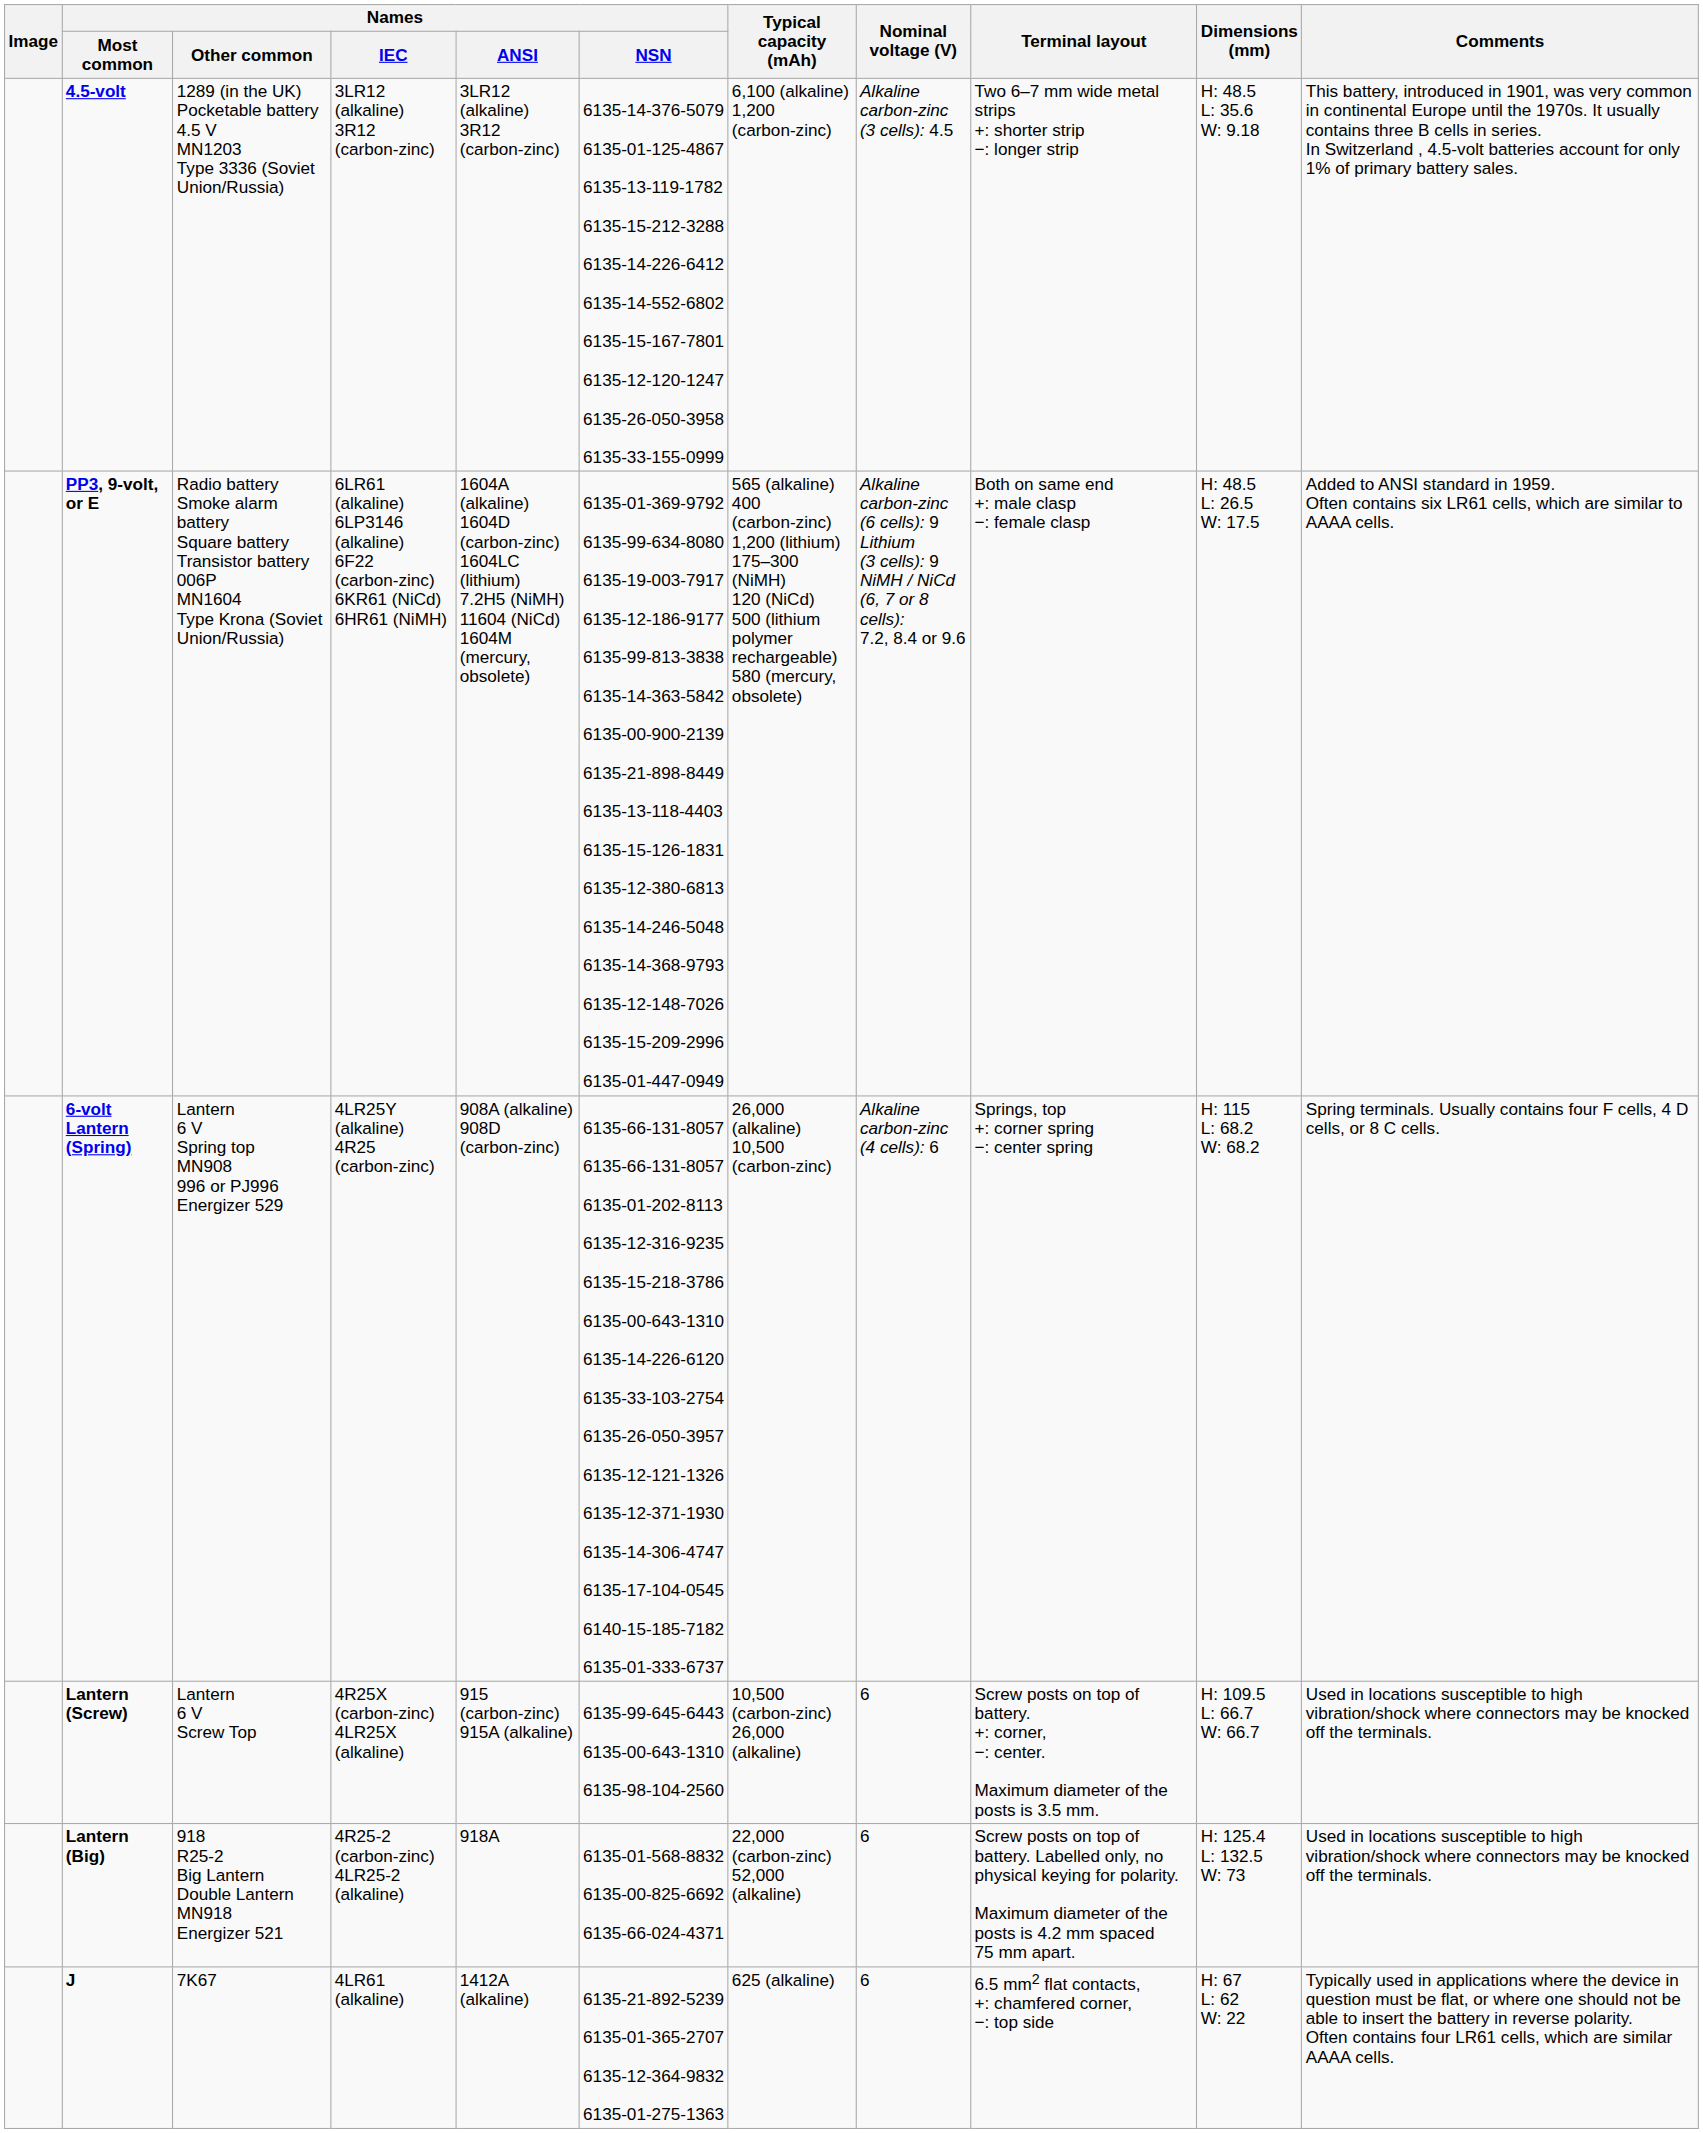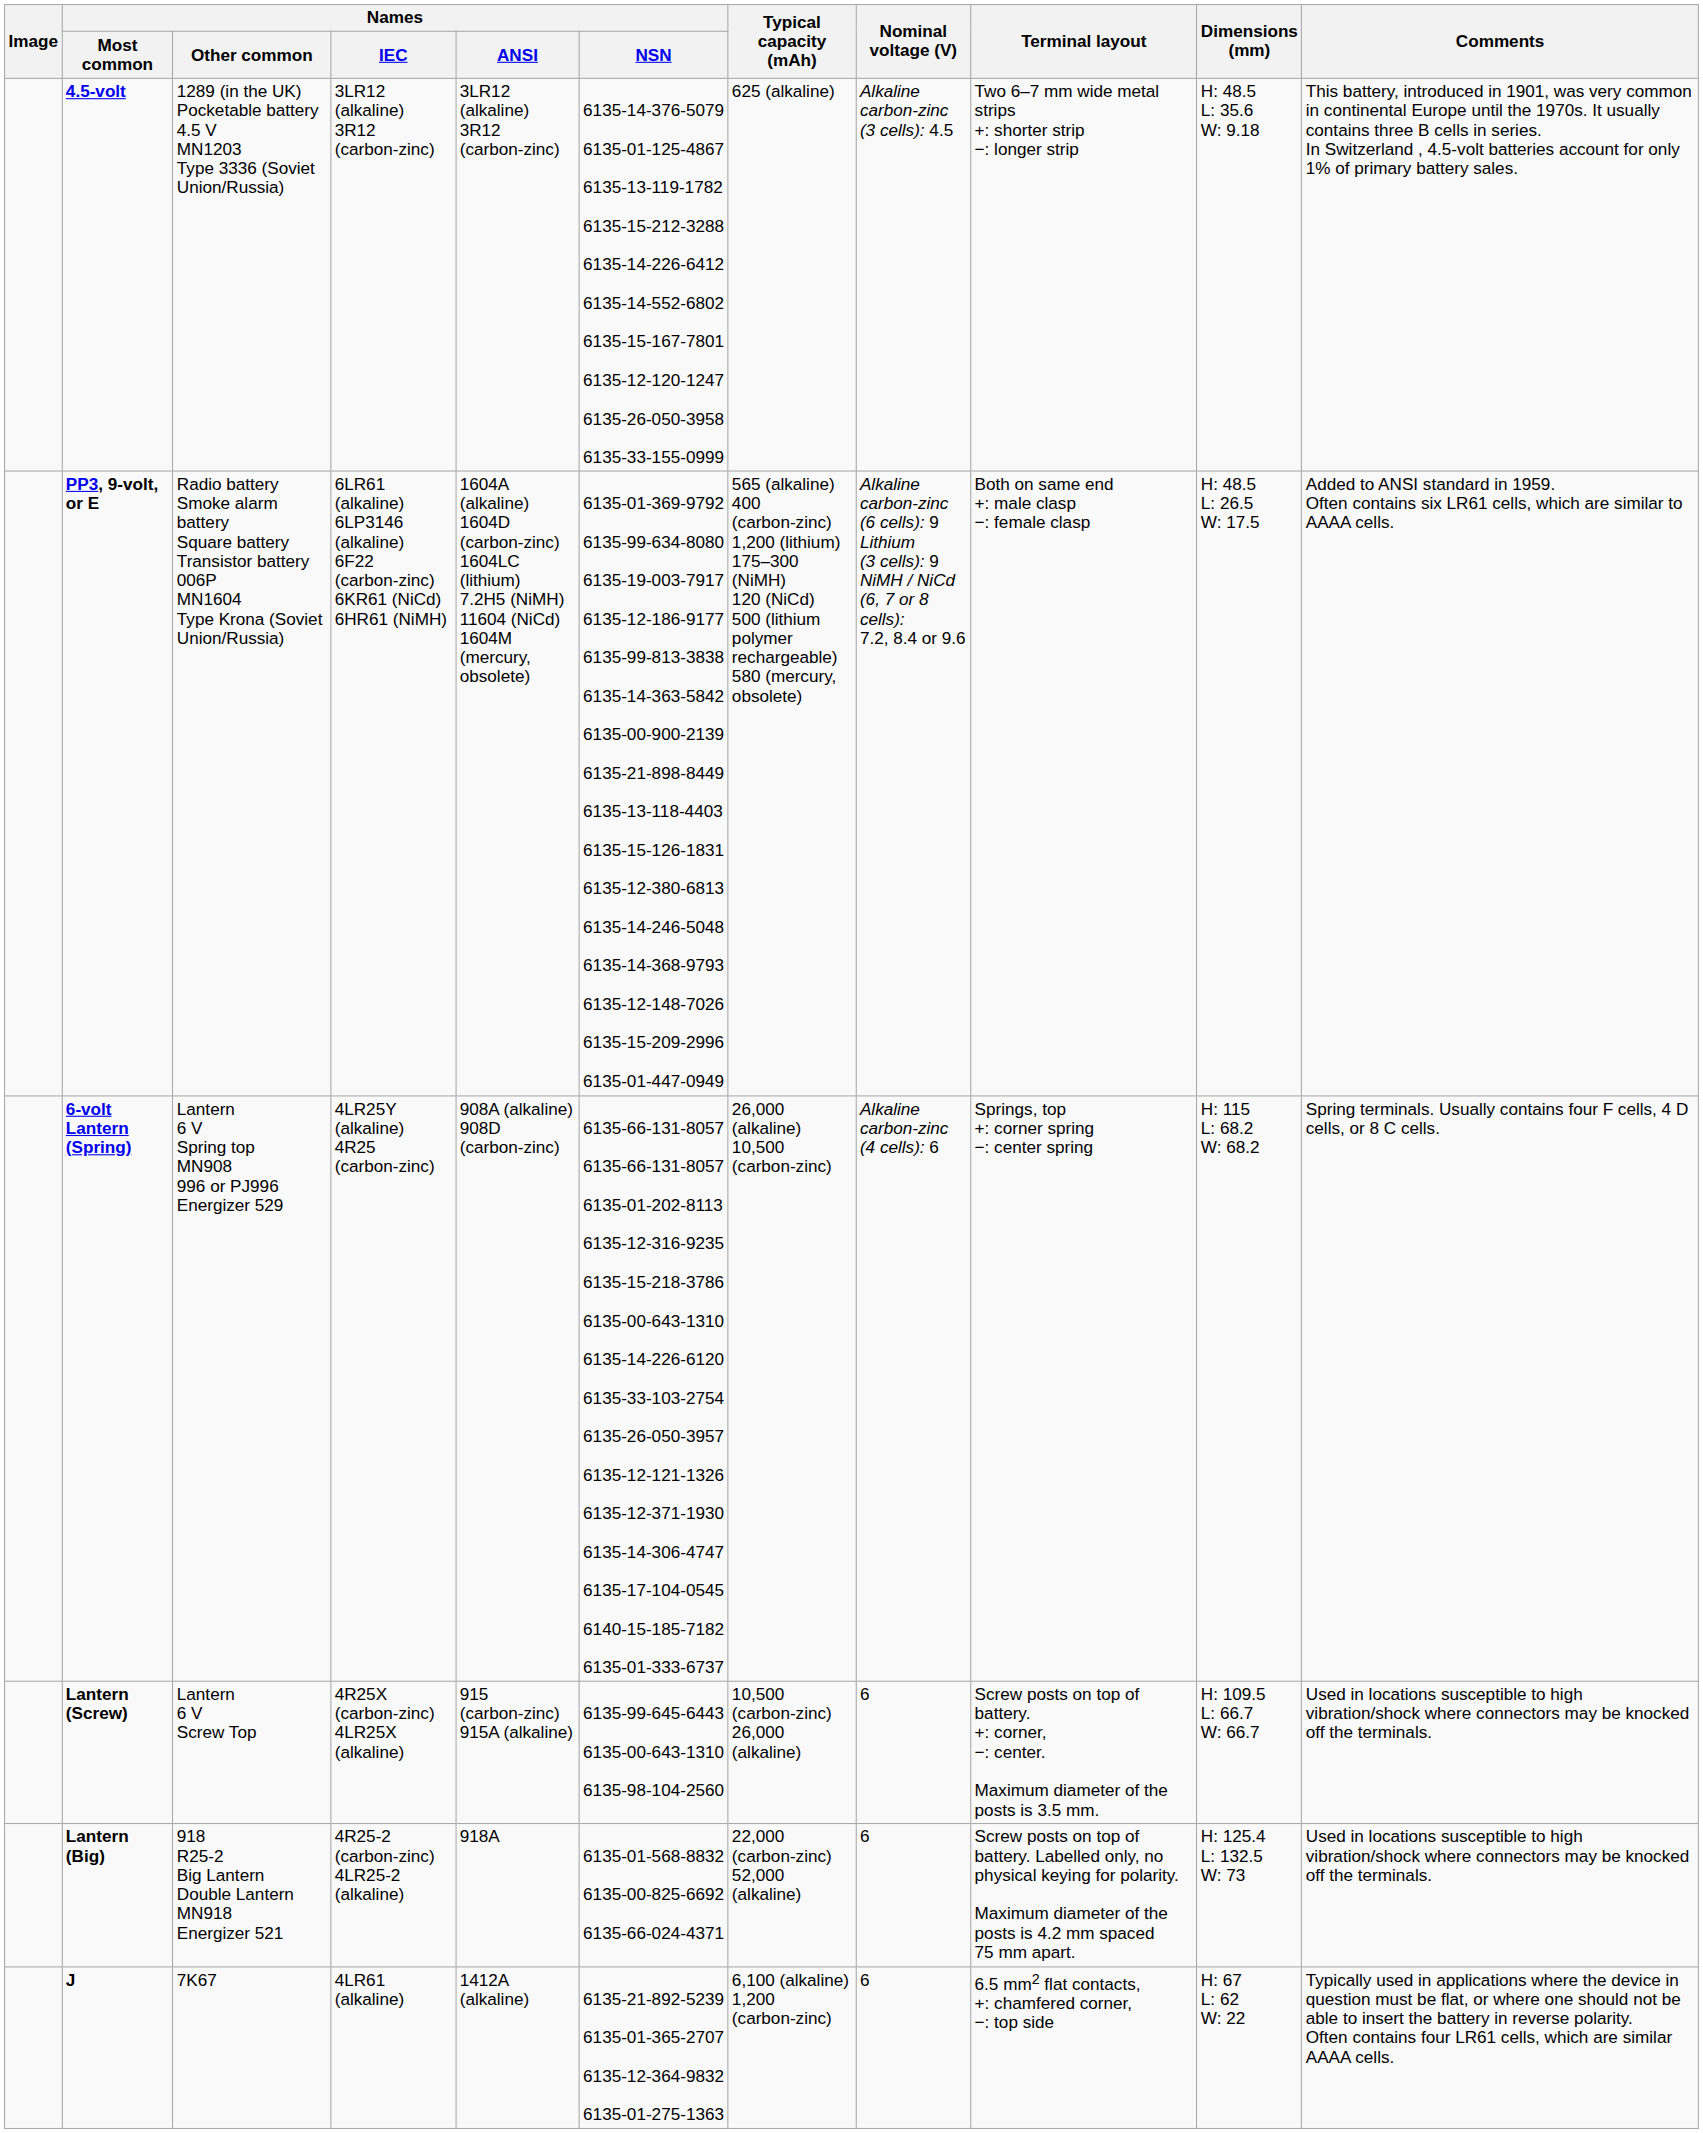 <table class="wikitable sortable" style="width:100%;">
 <tr>
 <th rowspan=2>Image</th>
 <th colspan=5>Names</th>
 <th rowspan=2>Typical capacity<br>(mAh)</th>
 <th rowspan=2>Nominal<br>voltage (V)</th>
 <th rowspan=2>Terminal layout</th>
 <th rowspan=2>Dimensions<br>(mm)</th>
 <th rowspan=2>Comments</th>
 </tr>
 <tr>
 <th>Most common</th>
 <th>Other common</th>
 <th><a href='#'>IEC</a></th>
 <th><a href='#'>ANSI</a></th>
 <th><a href='#'>NSN</a></th>
 </tr>
 <tr style="vertical-align:top;">
 <td></td>
 <td><strong><a href='#'>4.5-volt</a></strong></td>
 <td>1289 (in the UK)<br>Pocketable battery<br>4.5 V<br>MN1203<br>Type 3336 (Soviet Union/Russia)</td>
 <td>3LR12 (alkaline)<br>3R12 (carbon‑zinc)</td>
 <td>3LR12 (alkaline)<br>3R12 (carbon‑zinc)</td>
 <td style="white-space: unset"><br>6135-14-376-5079<br>  <br>6135-01-125-4867<br>  <br>6135-13-119-1782<br>  <br>6135-15-212-3288<br>  <br>6135-14-226-6412<br>  <br>6135-14-552-6802<br>  <br>6135-15-167-7801<br>  <br>6135-12-120-1247<br>  <br>6135-26-050-3958<br>  <br>6135-33-155-0999<br>  </td>
-<td>6,100 (alkaline)<br>1,200 (carbon‑zinc)</td>
+<td>625 (alkaline)</td>
 <td><em>Alkaline carbon‑zinc<br>(3 cells):</em> 4.5</td>
 <td>Two 6–7 mm wide metal strips<br>+: shorter strip<br>−: longer strip</td>
 <td>H: 48.5<br>L: 35.6<br>W: 9.18</td>
 <td>This battery, introduced in 1901, was very common in continental Europe until the 1970s. It usually contains three B cells in series.<br>In Switzerland , 4.5-volt batteries account for only 1% of primary battery sales.</td>
 </tr>
 <tr style="vertical-align:top;">
 <td></td>
 <td><strong><a href='#'>PP3</a>, 9-volt, or E</strong></td>
 <td>Radio battery<br>Smoke alarm battery<br>Square battery<br>Transistor battery<br>006P<br>MN1604<br>Type Krona (Soviet Union/Russia)</td>
 <td>6LR61 (alkaline)<br> 6LP3146 (alkaline)<br>6F22 (carbon‑zinc)<br>6KR61 (NiCd)<br>6HR61 (NiMH)</td>
 <td>1604A (alkaline)<br>1604D (carbon‑zinc)<br>1604LC (lithium)<br>7.2H5 (NiMH)<br>11604 (NiCd)<br>1604M (mercury,<br>obsolete)</td>
 <td><br>6135-01-369-9792<br>  <br>6135-99-634-8080<br>  <br>6135-19-003-7917<br>  <br>6135-12-186-9177<br>  <br>6135-99-813-3838<br>  <br>6135-14-363-5842<br>  <br>6135-00-900-2139<br>  <br>6135-21-898-8449<br>  <br>6135-13-118-4403<br>  <br>6135-15-126-1831<br>  <br>6135-12-380-6813<br>  <br>6135-14-246-5048<br>  <br>6135-14-368-9793<br>  <br>6135-12-148-7026<br>  <br>6135-15-209-2996<br>  <br>6135-01-447-0949<br>  </td>
 <td>565 (alkaline)<br>400 (carbon‑zinc)<br>1,200 (lithium)<br>175–300 (NiMH)<br>120 (NiCd)<br>500 (lithium polymer<br>rechargeable)<br>580 (mercury,<br>obsolete)</td>
 <td><em>Alkaline carbon‑zinc<br>(6 cells):</em> 9<br><em>Lithium<br>(3 cells):</em> 9<br><em>NiMH / NiCd<br>(6, 7 or 8 cells):</em><br>7.2, 8.4 or 9.6</td>
 <td>Both on same end<br>+: male clasp<br>−: female clasp</td>
 <td>H: 48.5<br>L: 26.5<br>W: 17.5</td>
 <td>Added to ANSI standard in 1959.<br>Often contains six LR61 cells, which are similar to AAAA cells.</td>
 </tr>
 <tr style="vertical-align:top;">
 <td></td>
 <td><strong><a href='#'>6-volt Lantern (Spring)</a></strong></td>
 <td>Lantern<br>6 V<br>Spring top<br>MN908<br>996 or PJ996<br>Energizer 529</td>
 <td>4LR25Y (alkaline)<br>4R25 (carbon‑zinc)</td>
 <td>908A (alkaline)<br>908D (carbon‑zinc)</td>
 <td><br>6135-66-131-8057<br>  <br>6135-66-131-8057<br>  <br>6135-01-202-8113<br>  <br>6135-12-316-9235<br>  <br>6135-15-218-3786<br>  <br>6135-00-643-1310<br>  <br>6135-14-226-6120<br>  <br>6135-33-103-2754<br>  <br>6135-26-050-3957<br>  <br>6135-12-121-1326<br>  <br>6135-12-371-1930<br>  <br>6135-14-306-4747<br>  <br>6135-17-104-0545<br>  <br>6140-15-185-7182<br>  <br>6135-01-333-6737<br>  </td>
 <td>26,000 (alkaline)<br>10,500 (carbon‑zinc)</td>
 <td><em>Alkaline carbon‑zinc<br>(4 cells):</em> 6</td>
 <td>Springs, top<br>+: corner spring<br>−: center spring</td>
 <td>H: 115<br>L: 68.2<br>W: 68.2</td>
 <td>Spring terminals. Usually contains four F cells, 4 D cells, or 8 C cells.</td>
 </tr>
 <tr style="vertical-align:top;">
 <td></td>
 <td><strong>Lantern (Screw)</strong></td>
 <td>Lantern<br>6 V<br>Screw Top</td>
 <td>4R25X (carbon‑zinc)<br>4LR25X (alkaline)</td>
 <td>915 (carbon‑zinc)<br>915A (alkaline)</td>
 <td><br>6135-99-645-6443<br>  <br>6135-00-643-1310<br>  <br>6135-98-104-2560<br>  </td>
 <td>10,500 (carbon‑zinc)<br>26,000 (alkaline)</td>
 <td>6</td>
 <td>Screw posts on top of battery.<br>+: corner,<br>−: center.<br><br>Maximum diameter of the posts is 3.5 mm.</td>
 <td>H: 109.5<br>L: 66.7<br>W: 66.7</td>
 <td>Used in locations susceptible to high vibration/shock where connectors may be knocked off the terminals.</td>
 </tr>
 <tr style="vertical-align:top;">
 <td></td>
 <td><strong>Lantern (Big)</strong></td>
 <td>918<br>R25-2<br>Big Lantern<br>Double Lantern<br>MN918<br>Energizer 521</td>
 <td>4R25-2 (carbon‑zinc)<br>4LR25-2 (alkaline)</td>
 <td>918A</td>
 <td><br>6135-01-568-8832<br>  <br>6135-00-825-6692<br>  <br>6135-66-024-4371<br>  </td>
 <td>22,000 (carbon‑zinc)<br>52,000 (alkaline)</td>
 <td>6</td>
 <td>Screw posts on top of battery. Labelled only, no physical keying for polarity.<br><br>Maximum diameter of the posts is 4.2 mm spaced 75 mm apart.</td>
 <td>H: 125.4<br>L: 132.5<br>W: 73</td>
 <td>Used in locations susceptible to high vibration/shock where connectors may be knocked off the terminals.</td>
 </tr>
 <tr style="vertical-align:top;">
 <td></td>
 <td><strong>J</strong></td>
 <td>7K67</td>
 <td>4LR61 (alkaline)</td>
 <td>1412A (alkaline)</td>
 <td style="white-space: nowrap;"><br>6135-21-892-5239<br>  <br>6135-01-365-2707<br>  <br>6135-12-364-9832<br>  <br>6135-01-275-1363<br>  </td>
-<td>625 (alkaline)</td>
+<td>6,100 (alkaline)<br>1,200 (carbon‑zinc)</td>
 <td>6</td>
 <td>6.5 mm<sup>2</sup> flat contacts,<br>+: chamfered corner,<br>−: top side</td>
 <td>H: 67<br>L: 62<br>W: 22</td>
 <td>Typically used in applications where the device in question must be flat, or where one should not be able to insert the battery in reverse polarity.<br>Often contains four LR61 cells, which are similar AAAA cells.</td>
 </tr>
 </table>
